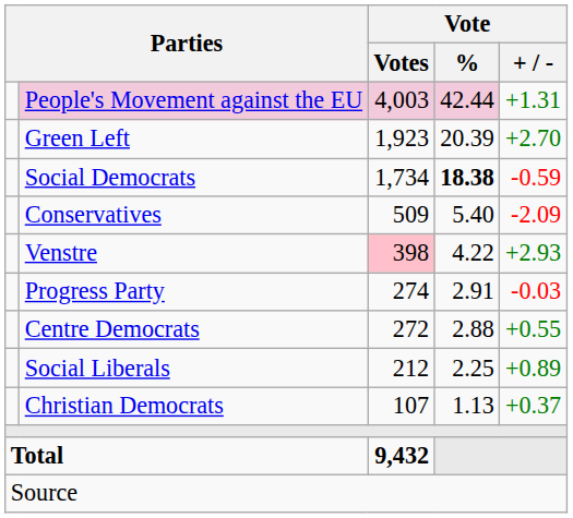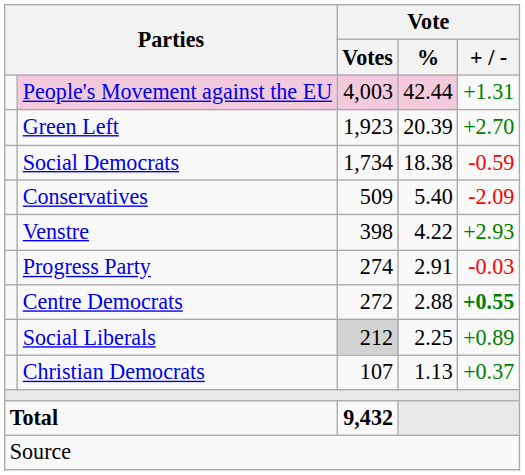 <table class="wikitable" style="text-align:right;">
 <tr>
 <th style="text-align:centre;" rowspan="2" colspan="2" width="225">Parties</th>
 <th colspan="3">Vote</th>
 </tr>
 <tr>
 <th width="15">Votes</th>
 <th width="15">%</th>
 <th width="15">+ / -</th>
 </tr>
 <tr>
 <td width="2" style="color:inherit;background:"></td>
 <td bgcolor=#f3c9dc   align="left"><a href='#'>People's Movement against the EU</a></td>
 <td bgcolor=#f3c9dc>4,003</td>
 <td bgcolor=#f3c9dc>42.44</td>
 <td style=color:green;>+1.31</td>
 </tr>
 <tr>
 <td width="2" style="color:inherit;background:"></td>
 <td align="left"><a href='#'>Green Left</a></td>
 <td>1,923</td>
 <td>20.39</td>
 <td style=color:green;>+2.70</td>
 </tr>
 <tr>
 <td width="2" style="color:inherit;background:"></td>
 <td align="left"><a href='#'>Social Democrats</a></td>
 <td>1,734</td>
-<td><strong>18.38</strong></td>
+<td>18.38</td>
 <td style=color:red;>-0.59</td>
 </tr>
 <tr>
 <td width="2" style="color:inherit;background:"></td>
 <td align="left"><a href='#'>Conservatives</a></td>
 <td>509</td>
 <td>5.40</td>
 <td style=color:red;>-2.09</td>
 </tr>
 <tr>
 <td width="2" style="color:inherit;background:"></td>
 <td align="left"><a href='#'>Venstre</a></td>
-<td style="background: pink;">398</td>
+<td>398</td>
 <td>4.22</td>
 <td style=color:green;>+2.93</td>
 </tr>
 <tr>
 <td width="2" style="color:inherit;background:"></td>
 <td align="left"><a href='#'>Progress Party</a></td>
 <td>274</td>
 <td>2.91</td>
 <td style=color:red;>-0.03</td>
 </tr>
 <tr>
 <td width="2" style="color:inherit;background:"></td>
 <td align="left"><a href='#'>Centre Democrats</a></td>
 <td>272</td>
 <td>2.88</td>
-<td style=color:green;>+0.55</td>
+<td style=color:green;><strong>+0.55</strong></td>
 </tr>
 <tr>
 <td width="2" style="color:inherit;background:"></td>
 <td align="left"><a href='#'>Social Liberals</a></td>
-<td>212</td>
+<td style="background: lightgrey;">212</td>
 <td>2.25</td>
 <td style=color:green;>+0.89</td>
 </tr>
 <tr>
 <td width="2" style="color:inherit;background:"></td>
 <td align="left"><a href='#'>Christian Democrats</a></td>
 <td>107</td>
 <td>1.13</td>
 <td style=color:green;>+0.37</td>
 </tr>
 <tr>
 <td colspan="7" bgcolor="#E9E9E9"></td>
 </tr>
 <tr>
 <td align="left" colspan="2"><strong>Total</strong></td>
 <td><strong>9,432</strong></td>
 <td bgcolor="#E9E9E9" colspan="2"></td>
 </tr>
 <tr>
 <td align="left" colspan="6">Source</td>
 </tr>
 </table>
